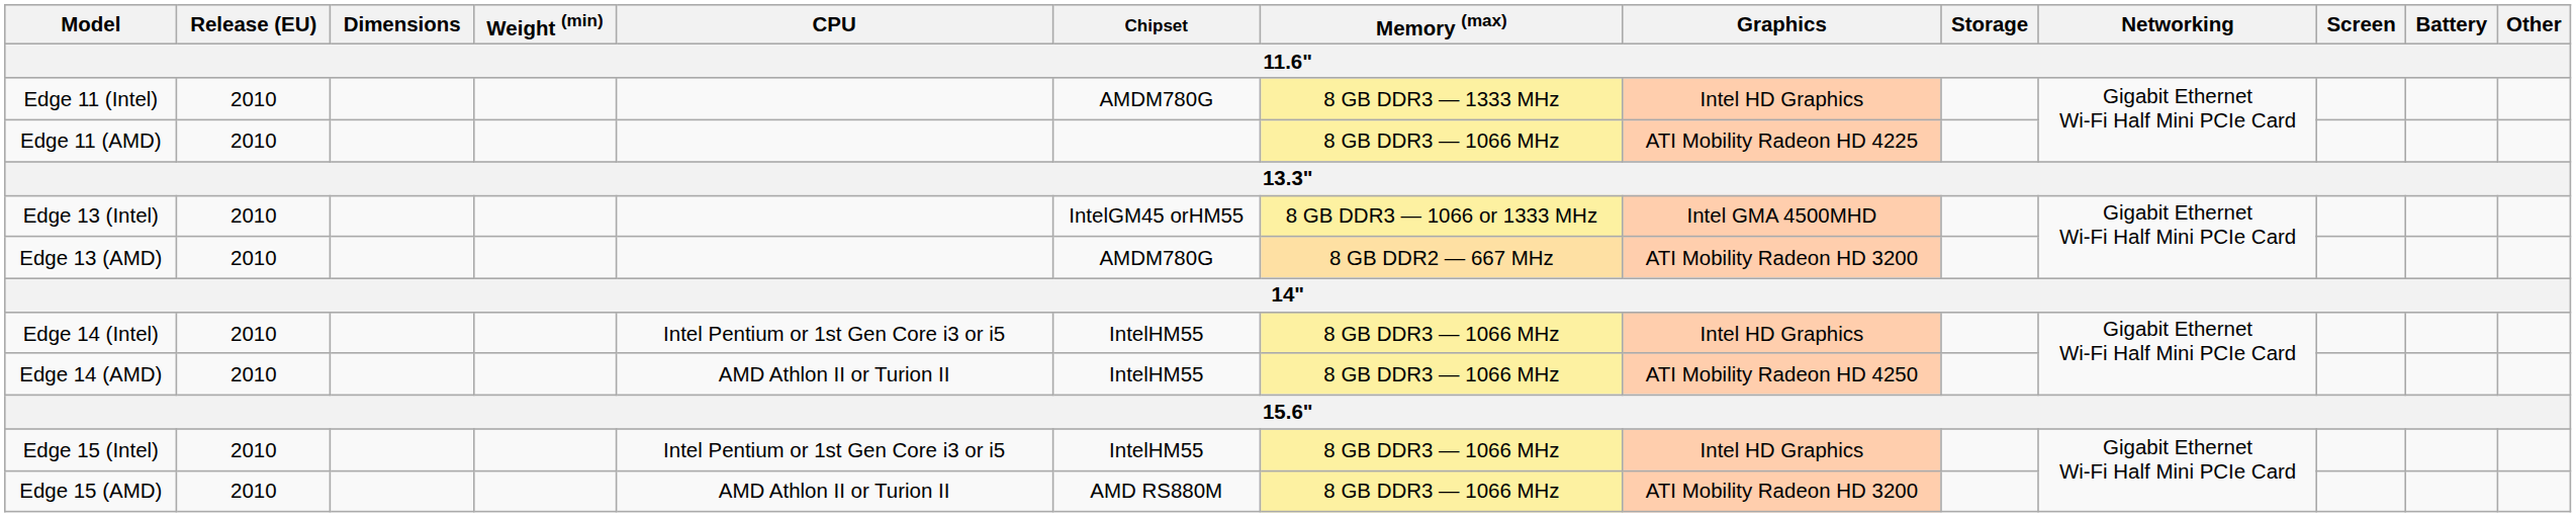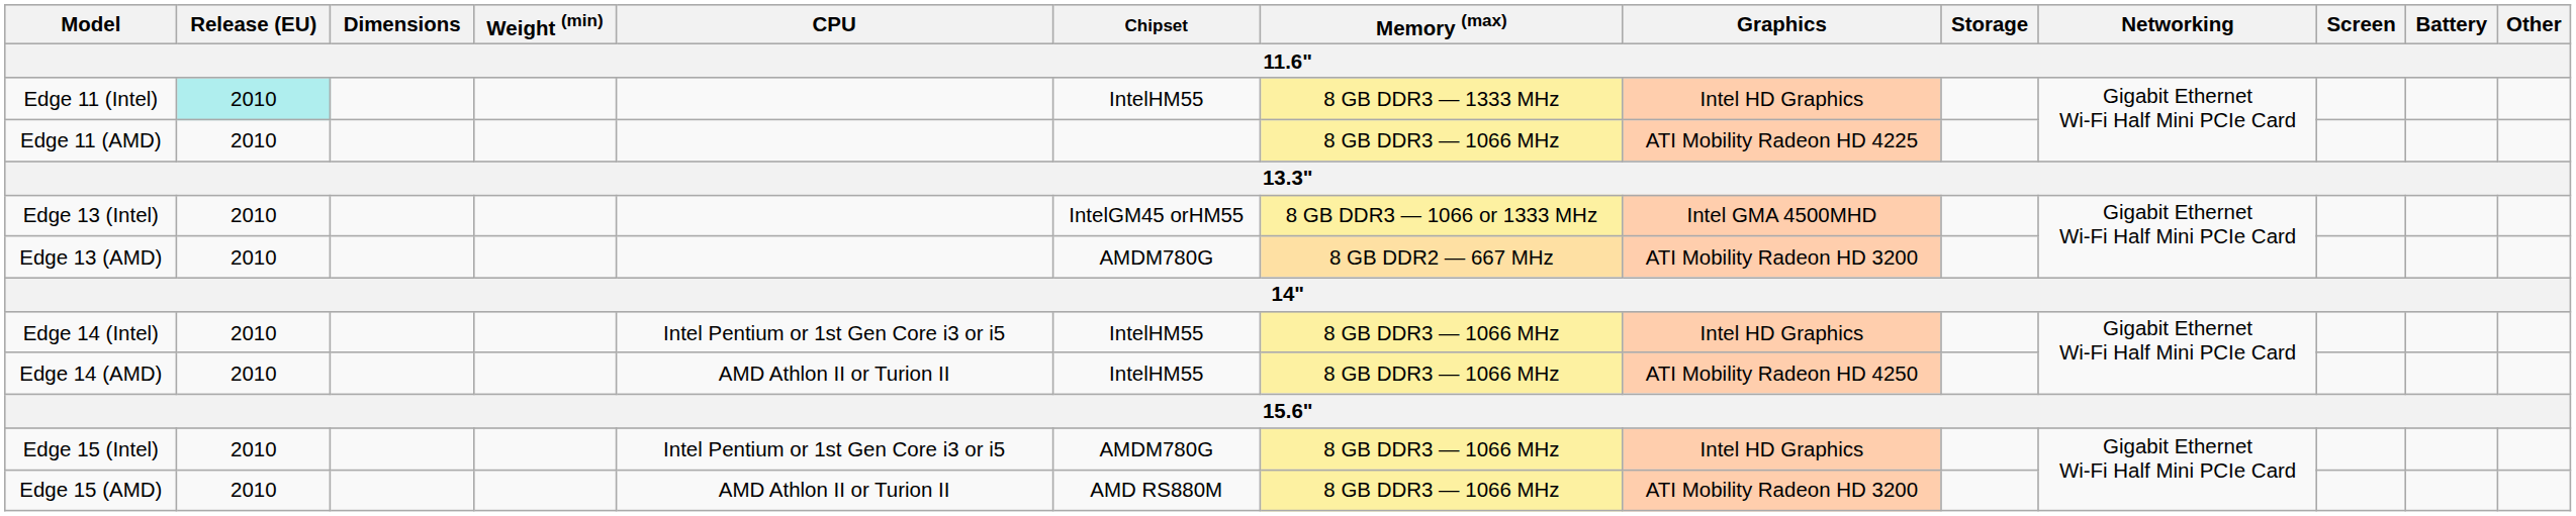 <table class="wikitable" style="font-size: 80%; text-align: center; min-width: 80%;">
 <tr>
 <th>Model</th>
 <th>Release (EU)</th>
 <th>Dimensions</th>
 <th>Weight <sup>(min)</sup></th>
 <th style="width:17%">CPU</th>
 <th><small>Chipset</small></th>
 <th>Memory <sup>(max)</sup></th>
 <th>Graphics</th>
 <th>Storage</th>
 <th>Networking</th>
 <th>Screen</th>
 <th>Battery</th>
 <th>Other</th>
 </tr>
 <tr>
 <th colspan="13">11.6"</th>
 </tr>
 <tr>
 <td>Edge 11 (Intel)</td>
-<td>2010</td>
+<td style="background: paleturquoise;">2010</td>
 <td></td>
 <td></td>
 <td></td>
-<td>AMDM780G</td>
+<td>IntelHM55</td>
 <td style="background:#fdf1a1;">8 GB DDR3 — 1333 MHz<br></td>
 <td style="background:#ffcead;">Intel HD Graphics</td>
 <td></td>
 <td rowspan="2">Gigabit Ethernet<br>Wi-Fi Half Mini PCIe Card<br><small><br></small></td>
 <td></td>
 <td></td>
 <td></td>
 </tr>
 <tr>
 <td>Edge 11 (AMD)</td>
 <td>2010</td>
 <td></td>
 <td></td>
 <td></td>
 <td></td>
 <td style="background:#fdf1a1;">8 GB DDR3 — 1066 MHz<br></td>
 <td style="background:#ffcead;">ATI Mobility Radeon HD 4225</td>
 <td></td>
 <td></td>
 <td></td>
 <td></td>
 </tr>
 <tr>
 <th colspan="13">13.3"</th>
 </tr>
 <tr>
 <td>Edge 13 (Intel)</td>
 <td>2010</td>
 <td></td>
 <td></td>
 <td></td>
 <td>IntelGM45 orHM55</td>
 <td style="background:#fdf1a1;">8 GB DDR3 — 1066 or 1333 MHz<br></td>
 <td style="background:#ffcead;">Intel GMA 4500MHD</td>
 <td></td>
 <td rowspan="2">Gigabit Ethernet<br>Wi-Fi Half Mini PCIe Card<br><small><br></small></td>
 <td></td>
 <td></td>
 <td></td>
 </tr>
 <tr>
 <td>Edge 13 (AMD)</td>
 <td>2010</td>
 <td></td>
 <td></td>
 <td></td>
 <td>AMDM780G</td>
 <td style="background:#fee0a3;">8 GB DDR2 — 667 MHz<br></td>
 <td style="background:#ffcead;">ATI Mobility Radeon HD 3200</td>
 <td></td>
 <td></td>
 <td></td>
 <td></td>
 </tr>
 <tr>
 <th colspan="13">14"</th>
 </tr>
 <tr>
 <td>Edge 14 (Intel)</td>
 <td>2010</td>
 <td></td>
 <td></td>
 <td style="background:">Intel Pentium or 1st Gen Core i3 or i5</td>
 <td>IntelHM55</td>
 <td style="background:#fdf1a1;">8 GB DDR3 — 1066 MHz<br></td>
 <td style="background:#ffcead;">Intel HD Graphics</td>
 <td></td>
 <td rowspan="2">Gigabit Ethernet<br>Wi-Fi Half Mini PCIe Card<br><small><br></small></td>
 <td></td>
 <td></td>
 <td></td>
 </tr>
 <tr>
 <td>Edge 14 (AMD)</td>
 <td>2010</td>
 <td></td>
 <td></td>
 <td style="background:">AMD Athlon II or Turion II</td>
 <td>IntelHM55</td>
 <td style="background:#fdf1a1;">8 GB DDR3 — 1066 MHz<br></td>
 <td style="background:#ffcead;">ATI Mobility Radeon HD 4250</td>
 <td></td>
 <td></td>
 <td></td>
 <td></td>
 </tr>
 <tr>
 <th colspan="13">15.6"</th>
 </tr>
 <tr>
 <td>Edge 15 (Intel)</td>
 <td>2010</td>
 <td></td>
 <td></td>
 <td style="background:">Intel Pentium or 1st Gen Core i3 or i5</td>
-<td>IntelHM55</td>
+<td>AMDM780G</td>
 <td style="background:#fdf1a1;">8 GB DDR3 — 1066 MHz<br></td>
 <td style="background:#ffcead;">Intel HD Graphics</td>
 <td></td>
 <td rowspan="2">Gigabit Ethernet<br>Wi-Fi Half Mini PCIe Card<br><small><br></small></td>
 <td></td>
 <td></td>
 <td></td>
 </tr>
 <tr>
 <td>Edge 15 (AMD)</td>
 <td>2010</td>
 <td></td>
 <td></td>
 <td style="background:">AMD Athlon II or Turion II</td>
 <td>AMD RS880M</td>
 <td style="background:#fdf1a1;">8 GB DDR3 — 1066 MHz<br></td>
 <td style="background:#ffcead;">ATI Mobility Radeon HD 3200</td>
 <td></td>
 <td></td>
 <td></td>
 <td></td>
 </tr>
 </table>
